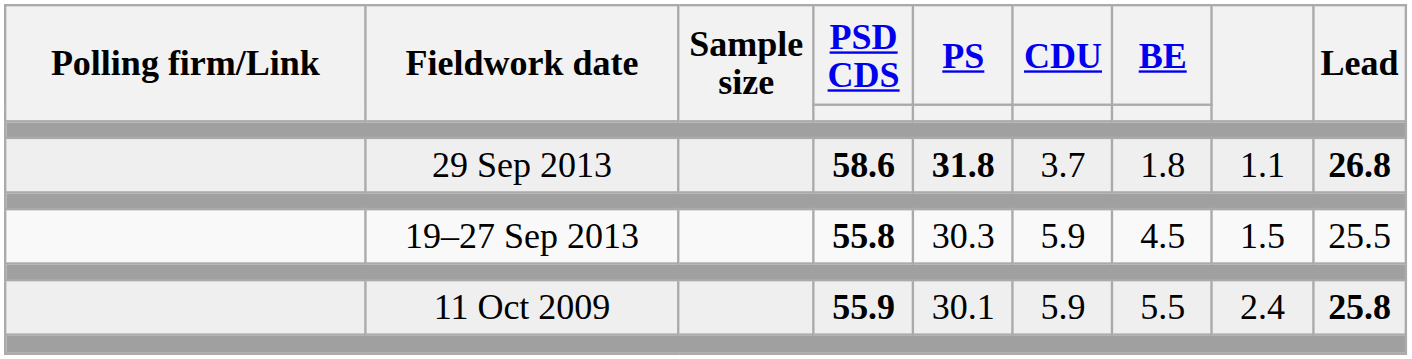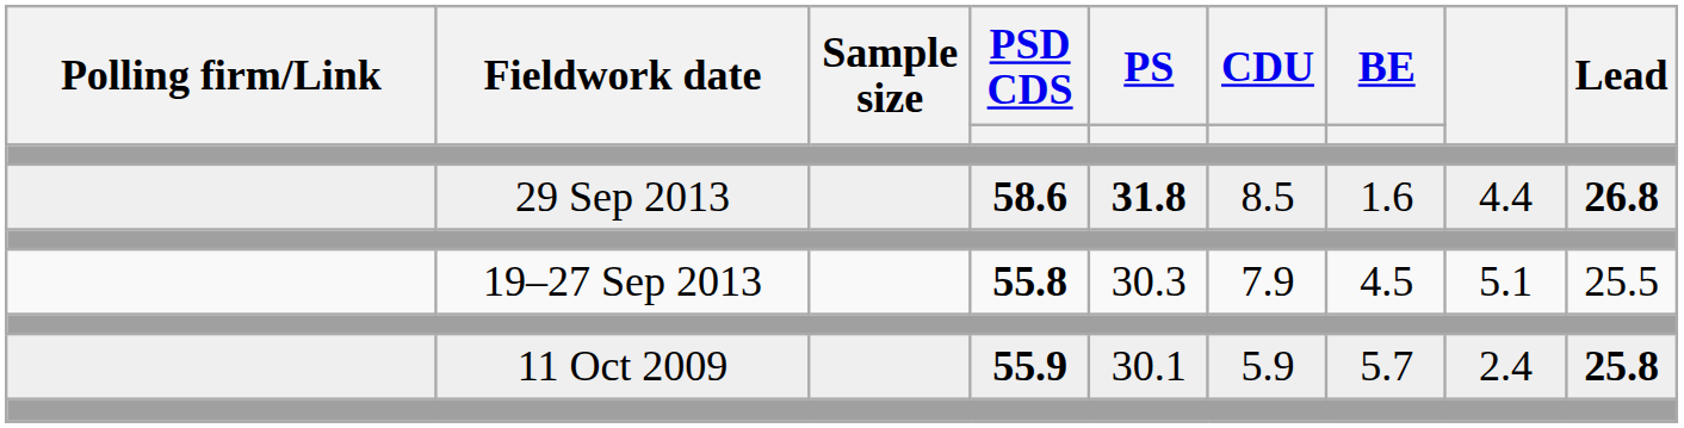 <table class="wikitable collapsible sortable" style="text-align:center; font-size:95%; line-height:16px;">
 <tr style="height:42px;">
 <th style="width:145px;" rowspan="2">Polling firm/Link</th>
 <th style="width:125px;" rowspan="2">Fieldwork date</th>
 <th class="unsortable" style="width:50px;" rowspan="2">Sample size</th>
 <th class="unsortable" style="width:35px;"><a href='#'>PSD</a><br><a href='#'>CDS</a></th>
 <th class="unsortable" style="width:35px;"><a href='#'>PS</a></th>
 <th class="unsortable" style="width:35px;"><a href='#'>CDU</a></th>
 <th class="unsortable" style="width:35px;"><a href='#'>BE</a></th>
 <th class="unsortable" style="width:35px;" rowspan="2"></th>
 <th class="unsortable" style="width:30px;" rowspan="2">Lead</th>
 </tr>
 <tr>
 <th class="unsortable" style="color:inherit;background:"></th>
 <th class="unsortable" style="color:inherit;background:"></th>
 <th class="unsortable" style="color:inherit;background:"></th>
 <th class="unsortable" style="color:inherit;background:"></th>
 </tr>
 <tr>
 <td colspan="13" style="background:#A0A0A0"></td>
 </tr>
 <tr style="background:#EFEFEF;">
 <td><strong></strong></td>
 <td data-sort-value="2019-10-06">29 Sep 2013</td>
 <td></td>
 <td><strong>58.6</strong><br></td>
 <td><strong>31.8<br></strong></td>
-<td>3.7<br></td>
-<td>1.8<br></td>
-<td>1.1</td>
+<td>8.5<br></td>
+<td>1.6<br></td>
+<td>4.4</td>
 <td style="background:"><strong>26.8</strong></td>
 </tr>
 <tr>
 <td colspan="13" style="background:#A0A0A0"></td>
 </tr>
 <tr>
 <td align="center"></td>
 <td align="center">19–27 Sep 2013</td>
 <td></td>
 <td align="center" ><strong>55.8</strong></td>
 <td align="center">30.3</td>
-<td align="center">5.9</td>
+<td align="center">7.9</td>
 <td align="center">4.5</td>
-<td align="center">1.5</td>
+<td align="center">5.1</td>
 <td style="background:">25.5</td>
 </tr>
 <tr>
 <td colspan="13" style="background:#A0A0A0"></td>
 </tr>
 <tr style="background:#EFEFEF;">
 <td><strong></strong></td>
 <td data-sort-value="2019-10-06">11 Oct 2009</td>
 <td></td>
 <td><strong>55.9</strong><br></td>
 <td>30.1<br></td>
 <td>5.9<br></td>
-<td>5.5<br></td>
+<td>5.7<br></td>
 <td>2.4</td>
 <td style="background:"><strong>25.8</strong></td>
 </tr>
 <tr>
 <td colspan="13" style="background:#A0A0A0"></td>
 </tr>
 <tr>
 </tr>
 </table>
